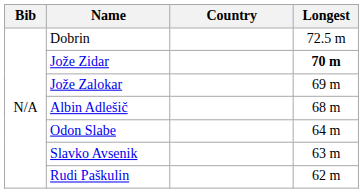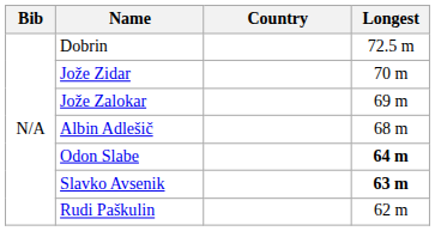 <table class="wikitable collapsible autocollapse sortable" cellpadding="3" cellspacing="0" border="1" style="background:#fff; font-size:86%; width:22%; line-height:16px; border:grey solid 1px; border-collapse:collapse;">
 <tr>
 <th width="30">Bib</th>
 <th width="100">Name</th>
 <th width="100">Country</th>
 <th width="50">Longest</th>
 </tr>
 <tr>
 <td align=center rowspan=7>N/A</td>
 <td>Dobrin</td>
 <td></td>
 <td align=center>72.5 m</td>
 </tr>
 <tr>
 <td><a href='#'>Jože Zidar</a></td>
 <td></td>
-<td align=center><strong>70 m</strong></td>
+<td align=center>70 m</td>
 </tr>
 <tr>
 <td><a href='#'>Jože Zalokar</a></td>
 <td></td>
 <td align=center>69 m</td>
 </tr>
 <tr>
 <td><a href='#'>Albin Adlešič</a></td>
 <td></td>
 <td align=center>68 m</td>
 </tr>
 <tr>
 <td><a href='#'>Odon Slabe</a></td>
 <td></td>
-<td align=center>64 m</td>
+<td align=center><strong>64 m</strong></td>
 </tr>
 <tr>
 <td><a href='#'>Slavko Avsenik</a></td>
 <td></td>
-<td align=center>63 m</td>
+<td align=center><strong>63 m</strong></td>
 </tr>
 <tr>
 <td><a href='#'>Rudi Paškulin</a></td>
 <td></td>
 <td align=center>62 m</td>
 </tr>
 </table>
